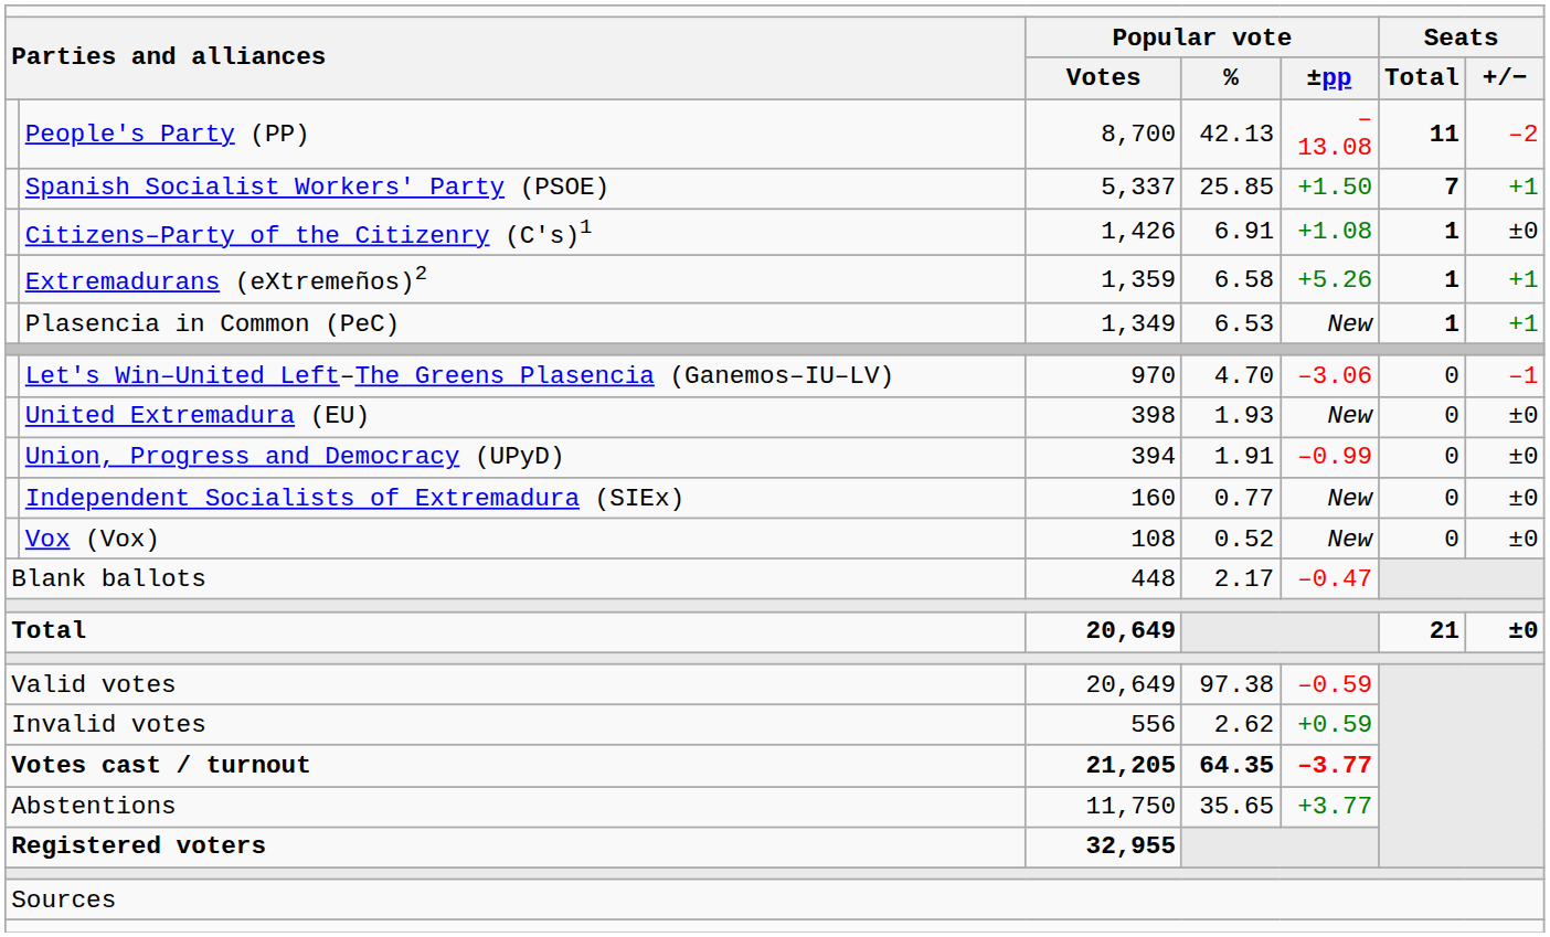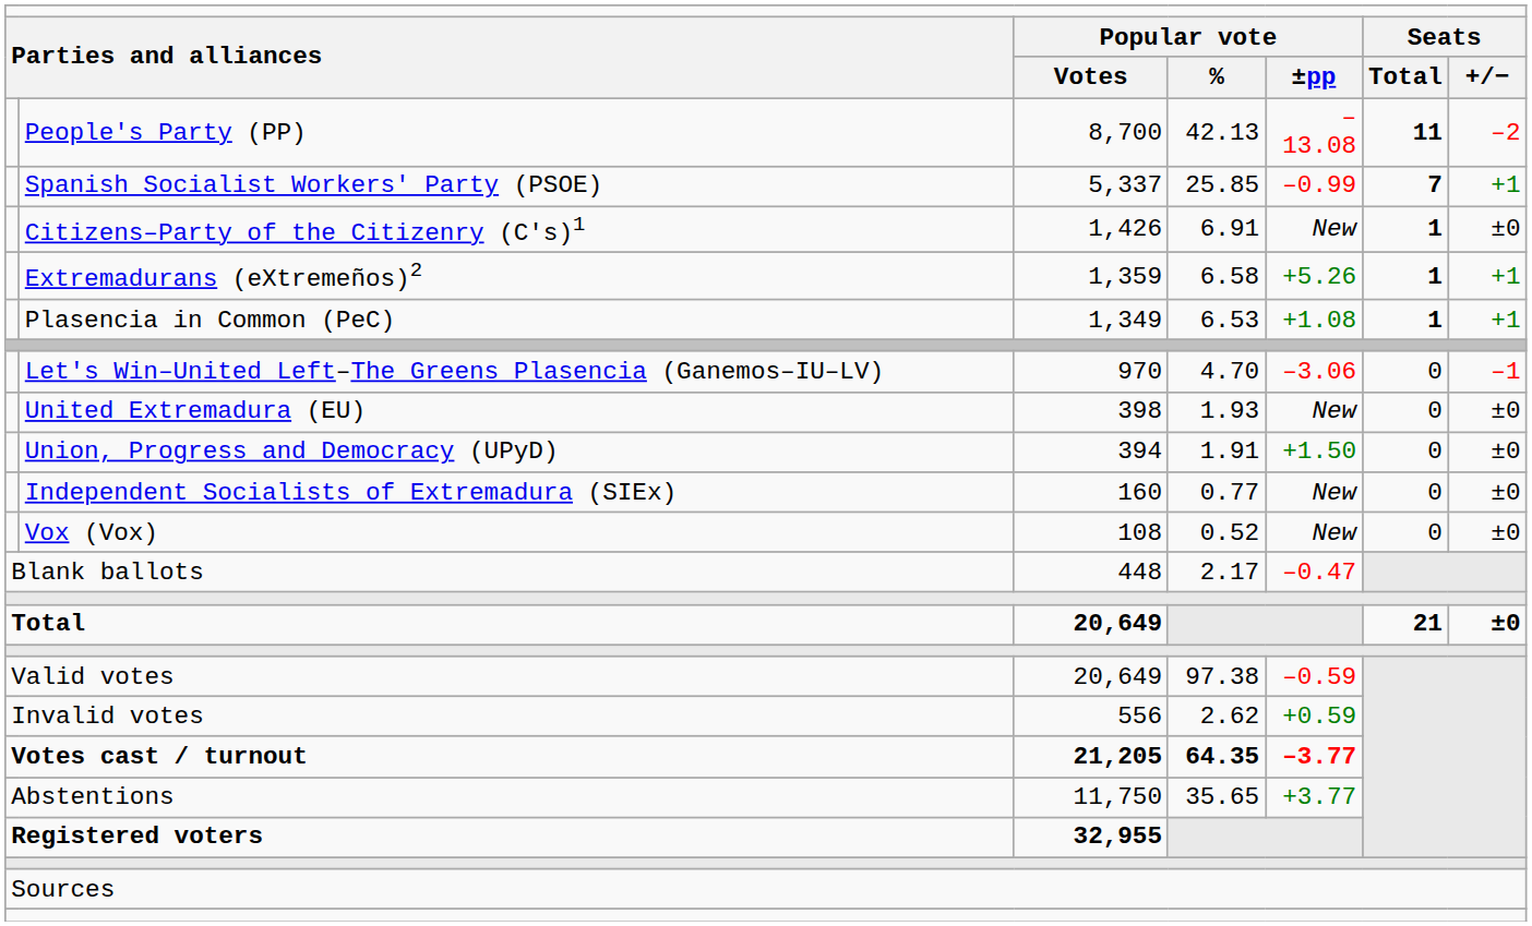 <table class="wikitable" style="text-align:right;">
 <tr>
 <td colspan="7"></td>
 </tr>
 <tr>
 <th style="text-align:left;" rowspan="2" colspan="2" width="525">Parties and alliances</th>
 <th colspan="3">Popular vote</th>
 <th colspan="2">Seats</th>
 </tr>
 <tr>
 <th width="75">Votes</th>
 <th width="45">%</th>
 <th width="45">±<a href='#'>pp</a></th>
 <th width="35">Total</th>
 <th width="35">+/−</th>
 </tr>
 <tr>
 <td width="1" style="color:inherit;background:"></td>
 <td align="left"><a href='#'>People's Party</a> (PP)</td>
 <td>8,700</td>
 <td>42.13</td>
 <td style="color:red;">–13.08</td>
 <td><strong>11</strong></td>
 <td style="color:red;">–2</td>
 </tr>
 <tr>
 <td style="color:inherit;background:"></td>
 <td align="left"><a href='#'>Spanish Socialist Workers' Party</a> (PSOE)</td>
 <td>5,337</td>
 <td>25.85</td>
-<td style="color:green;">+1.50</td>
+<td style="color:red;">–0.99</td>
 <td><strong>7</strong></td>
 <td style="color:green;">+1</td>
 </tr>
 <tr>
 <td style="color:inherit;background:"></td>
 <td align="left"><a href='#'>Citizens–Party of the Citizenry</a> (C's)<sup>1</sup></td>
 <td>1,426</td>
 <td>6.91</td>
-<td style="color:green;">+1.08</td>
+<td><em>New</em></td>
 <td><strong>1</strong></td>
 <td>±0</td>
 </tr>
 <tr>
 <td style="color:inherit;background:"></td>
 <td align="left"><a href='#'>Extremadurans</a> (eXtremeños)<sup>2</sup></td>
 <td>1,359</td>
 <td>6.58</td>
 <td style="color:green;">+5.26</td>
 <td><strong>1</strong></td>
 <td style="color:green;">+1</td>
 </tr>
 <tr>
 <td style="color:inherit;background:"></td>
 <td align="left">Plasencia in Common (PeC)</td>
 <td>1,349</td>
 <td>6.53</td>
-<td><em>New</em></td>
+<td style="color:green;">+1.08</td>
 <td><strong>1</strong></td>
 <td style="color:green;">+1</td>
 </tr>
 <tr>
 <td colspan="7" bgcolor="#C0C0C0"></td>
 </tr>
 <tr>
 <td style="color:inherit;background:"></td>
 <td align="left"><a href='#'>Let's Win–United Left</a>–<a href='#'>The Greens Plasencia</a> (Ganemos–IU–LV)</td>
 <td>970</td>
 <td>4.70</td>
 <td style="color:red;">–3.06</td>
 <td>0</td>
 <td style="color:red;">–1</td>
 </tr>
 <tr>
 <td style="color:inherit;background:"></td>
 <td align="left"><a href='#'>United Extremadura</a> (EU)</td>
 <td>398</td>
 <td>1.93</td>
 <td><em>New</em></td>
 <td>0</td>
 <td>±0</td>
 </tr>
 <tr>
 <td style="color:inherit;background:"></td>
 <td align="left"><a href='#'>Union, Progress and Democracy</a> (UPyD)</td>
 <td>394</td>
 <td>1.91</td>
-<td style="color:red;">–0.99</td>
+<td style="color:green;">+1.50</td>
 <td>0</td>
 <td>±0</td>
 </tr>
 <tr>
 <td style="color:inherit;background:"></td>
 <td align="left"><a href='#'>Independent Socialists of Extremadura</a> (SIEx)</td>
 <td>160</td>
 <td>0.77</td>
 <td><em>New</em></td>
 <td>0</td>
 <td>±0</td>
 </tr>
 <tr>
 <td style="color:inherit;background:"></td>
 <td align="left"><a href='#'>Vox</a> (Vox)</td>
 <td>108</td>
 <td>0.52</td>
 <td><em>New</em></td>
 <td>0</td>
 <td>±0</td>
 </tr>
 <tr>
 <td align="left" colspan="2">Blank ballots</td>
 <td>448</td>
 <td>2.17</td>
 <td style="color:red;">–0.47</td>
 <td bgcolor="#E9E9E9" colspan="2"></td>
 </tr>
 <tr>
 <td colspan="7" bgcolor="#E9E9E9"></td>
 </tr>
 <tr style="font-weight:bold;">
 <td align="left" colspan="2">Total</td>
 <td>20,649</td>
 <td bgcolor="#E9E9E9" colspan="2"></td>
 <td>21</td>
 <td>±0</td>
 </tr>
 <tr>
 <td colspan="7" bgcolor="#E9E9E9"></td>
 </tr>
 <tr>
 <td align="left" colspan="2">Valid votes</td>
 <td>20,649</td>
 <td>97.38</td>
 <td style="color:red;">–0.59</td>
 <td bgcolor="#E9E9E9" colspan="2" rowspan="5"></td>
 </tr>
 <tr>
 <td align="left" colspan="2">Invalid votes</td>
 <td>556</td>
 <td>2.62</td>
 <td style="color:green;">+0.59</td>
 </tr>
 <tr style="font-weight:bold;">
 <td align="left" colspan="2">Votes cast / turnout</td>
 <td>21,205</td>
 <td>64.35</td>
 <td style="color:red;">–3.77</td>
 </tr>
 <tr>
 <td align="left" colspan="2">Abstentions</td>
 <td>11,750</td>
 <td>35.65</td>
 <td style="color:green;">+3.77</td>
 </tr>
 <tr style="font-weight:bold;">
 <td align="left" colspan="2">Registered voters</td>
 <td>32,955</td>
 <td bgcolor="#E9E9E9" colspan="2"></td>
 </tr>
 <tr>
 <td colspan="7" bgcolor="#E9E9E9"></td>
 </tr>
 <tr>
 <td align="left" colspan="7">Sources</td>
 </tr>
 <tr>
 <td colspan="7" style="text-align:left; max-width:790px;"></td>
 </tr>
 </table>
